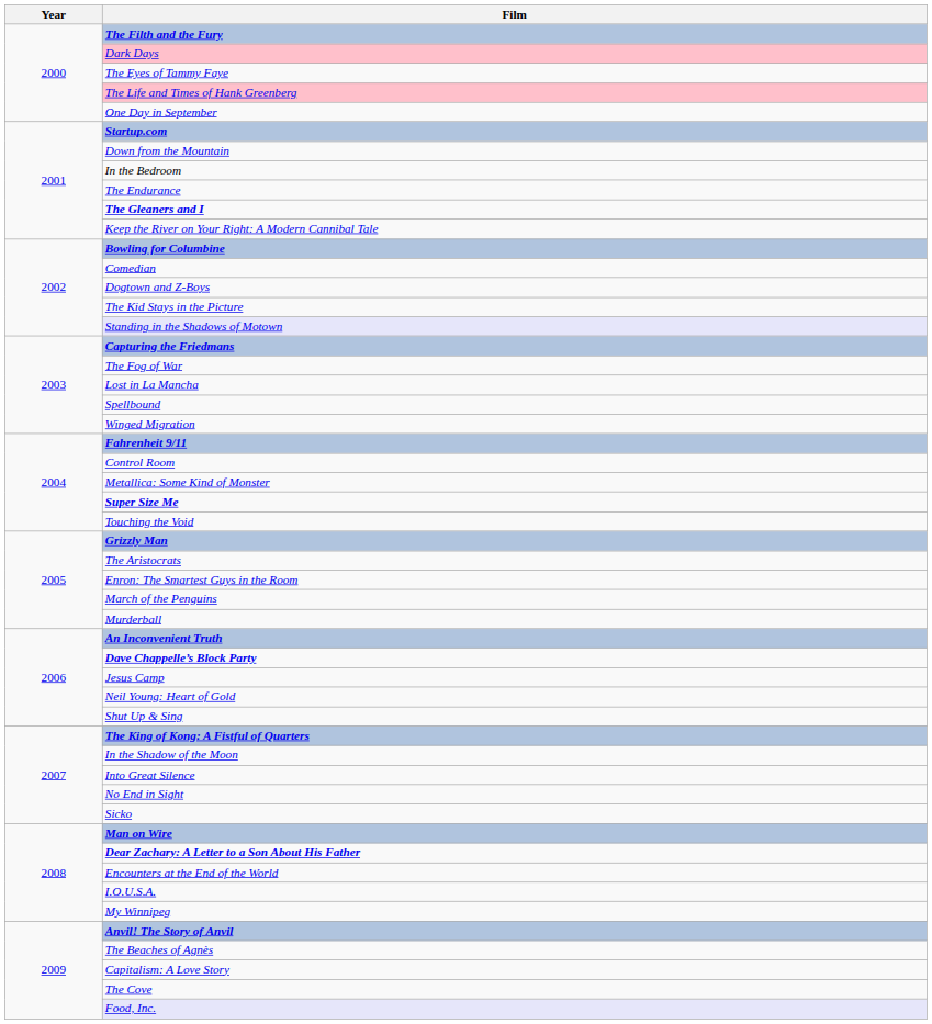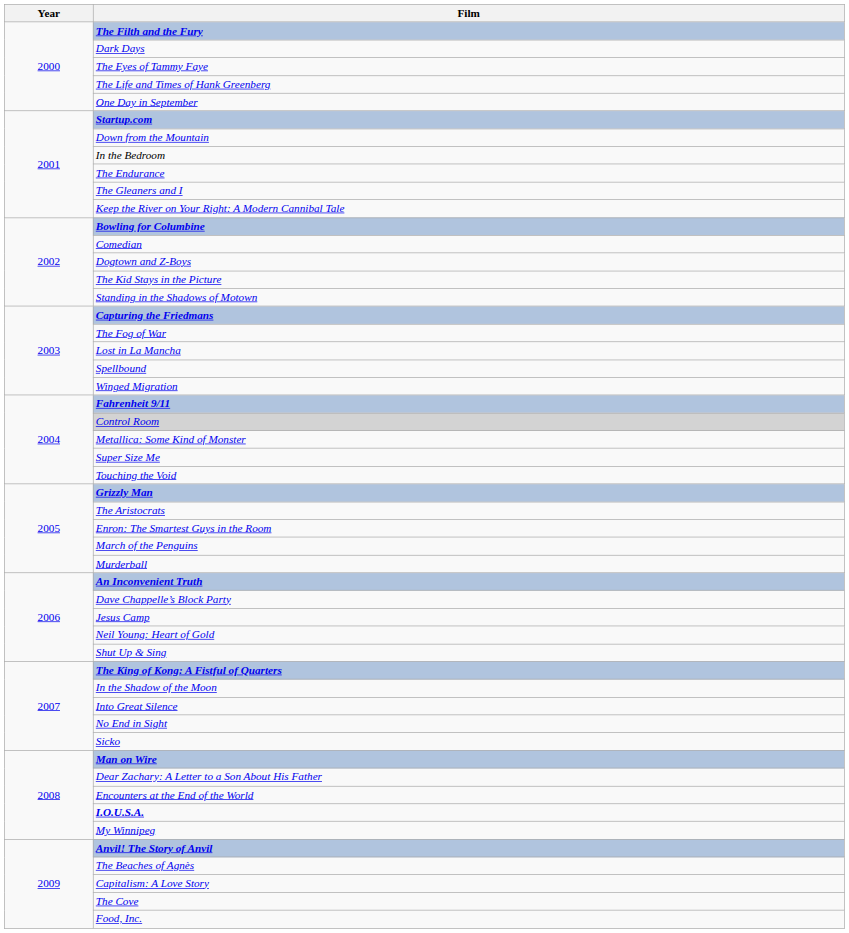 <table class="wikitable" width="95%" cellpadding="5">
 <tr>
 <th width="100"><strong>Year</strong></th>
 <th width="900"><strong>Film</strong></th>
 </tr>
 <tr>
 <td rowspan="5" style="text-align:center;"><a href='#'>2000</a></td>
 <td style="background:#B0C4DE;"><strong><em><a href='#'>The Filth and the Fury</a></em></strong></td>
 </tr>
 <tr>
-<td style="background: pink;"><em><a href='#'>Dark Days</a></em></td>
+<td><em><a href='#'>Dark Days</a></em></td>
 </tr>
 <tr>
 <td><em><a href='#'>The Eyes of Tammy Faye</a></em></td>
 </tr>
 <tr>
-<td style="background: pink;"><em><a href='#'>The Life and Times of Hank Greenberg</a></em></td>
+<td><em><a href='#'>The Life and Times of Hank Greenberg</a></em></td>
 </tr>
 <tr>
 <td><em><a href='#'>One Day in September</a></em></td>
 </tr>
 <tr>
 <td rowspan="6" style="text-align:center;"><a href='#'>2001</a></td>
 <td style="background:#B0C4DE;"><strong><em><a href='#'>Startup.com</a></em></strong></td>
 </tr>
 <tr>
 <td><em><a href='#'>Down from the Mountain</a></em></td>
 </tr>
 <tr>
 <td><em>In the Bedroom</em></td>
 </tr>
 <tr>
 <td><em><a href='#'>The Endurance</a></em></td>
 </tr>
 <tr>
-<td><strong><em><a href='#'>The Gleaners and I</a></em></strong></td>
+<td><em><a href='#'>The Gleaners and I</a></em></td>
 </tr>
 <tr>
 <td><em><a href='#'>Keep the River on Your Right: A Modern Cannibal Tale</a></em></td>
 </tr>
 <tr>
 <td rowspan="5" style="text-align:center;"><a href='#'>2002</a></td>
 <td style="background:#B0C4DE;"><strong><em><a href='#'>Bowling for Columbine</a></em></strong></td>
 </tr>
 <tr>
 <td><em><a href='#'>Comedian</a></em></td>
 </tr>
 <tr>
 <td><em><a href='#'>Dogtown and Z-Boys</a></em></td>
 </tr>
 <tr>
 <td><em><a href='#'>The Kid Stays in the Picture</a></em></td>
 </tr>
 <tr>
-<td style="background: lavender;"><em><a href='#'>Standing in the Shadows of Motown</a></em></td>
+<td><em><a href='#'>Standing in the Shadows of Motown</a></em></td>
 </tr>
 <tr>
 <td rowspan="5" style="text-align:center;"><a href='#'>2003</a></td>
 <td style="background:#B0C4DE;"><strong><em><a href='#'>Capturing the Friedmans</a></em></strong></td>
 </tr>
 <tr>
 <td><em><a href='#'>The Fog of War</a></em></td>
 </tr>
 <tr>
 <td><em><a href='#'>Lost in La Mancha</a></em></td>
 </tr>
 <tr>
 <td><em><a href='#'>Spellbound</a></em></td>
 </tr>
 <tr>
 <td><em><a href='#'>Winged Migration</a></em></td>
 </tr>
 <tr>
 <td rowspan="5" style="text-align:center;"><a href='#'>2004</a></td>
 <td style="background:#B0C4DE;"><strong><em><a href='#'>Fahrenheit 9/11</a></em></strong></td>
 </tr>
 <tr>
-<td><em><a href='#'>Control Room</a></em></td>
+<td style="background: lightgrey;"><em><a href='#'>Control Room</a></em></td>
 </tr>
 <tr>
 <td><em><a href='#'>Metallica: Some Kind of Monster</a></em></td>
 </tr>
 <tr>
-<td><strong><em><a href='#'>Super Size Me</a></em></strong></td>
+<td><em><a href='#'>Super Size Me</a></em></td>
 </tr>
 <tr>
 <td><em><a href='#'>Touching the Void</a></em></td>
 </tr>
 <tr>
 <td rowspan="5" style="text-align:center;"><a href='#'>2005</a></td>
 <td style="background:#B0C4DE;"><strong><em><a href='#'>Grizzly Man</a></em></strong></td>
 </tr>
 <tr>
 <td><em><a href='#'>The Aristocrats</a></em></td>
 </tr>
 <tr>
 <td><em><a href='#'>Enron: The Smartest Guys in the Room</a></em></td>
 </tr>
 <tr>
 <td><em><a href='#'>March of the Penguins</a></em></td>
 </tr>
 <tr>
 <td><em><a href='#'>Murderball</a></em></td>
 </tr>
 <tr>
 <td rowspan="5" style="text-align:center;"><a href='#'>2006</a></td>
 <td style="background:#B0C4DE;"><strong><em><a href='#'>An Inconvenient Truth</a></em></strong></td>
 </tr>
 <tr>
-<td><strong><em><a href='#'>Dave Chappelle’s Block Party</a></em></strong></td>
+<td><em><a href='#'>Dave Chappelle’s Block Party</a></em></td>
 </tr>
 <tr>
 <td><em><a href='#'>Jesus Camp</a></em></td>
 </tr>
 <tr>
 <td><em><a href='#'>Neil Young: Heart of Gold</a></em></td>
 </tr>
 <tr>
 <td><em><a href='#'>Shut Up & Sing</a></em></td>
 </tr>
 <tr>
 <td rowspan="5" style="text-align:center;"><a href='#'>2007</a></td>
 <td style="background:#B0C4DE;"><strong><em><a href='#'>The King of Kong: A Fistful of Quarters</a></em></strong></td>
 </tr>
 <tr>
 <td><em><a href='#'>In the Shadow of the Moon</a></em></td>
 </tr>
 <tr>
 <td><em><a href='#'>Into Great Silence</a></em></td>
 </tr>
 <tr>
 <td><em><a href='#'>No End in Sight</a></em></td>
 </tr>
 <tr>
 <td><em><a href='#'>Sicko</a></em></td>
 </tr>
 <tr>
 <td rowspan="5" style="text-align:center;"><a href='#'>2008</a></td>
 <td style="background:#B0C4DE;"><strong><em><a href='#'>Man on Wire</a></em></strong></td>
 </tr>
 <tr>
-<td><strong><em><a href='#'>Dear Zachary: A Letter to a Son About His Father</a></em></strong></td>
+<td><em><a href='#'>Dear Zachary: A Letter to a Son About His Father</a></em></td>
 </tr>
 <tr>
 <td><em><a href='#'>Encounters at the End of the World</a></em></td>
 </tr>
 <tr>
-<td><em><a href='#'>I.O.U.S.A.</a></em></td>
+<td><strong><em><a href='#'>I.O.U.S.A.</a></em></strong></td>
 </tr>
 <tr>
 <td><em><a href='#'>My Winnipeg</a></em></td>
 </tr>
 <tr>
 <td rowspan="5" style="text-align:center;"><a href='#'>2009</a></td>
 <td style="background:#B0C4DE;"><strong><em><a href='#'>Anvil! The Story of Anvil</a></em></strong></td>
 </tr>
 <tr>
 <td><em><a href='#'>The Beaches of Agnès</a></em></td>
 </tr>
 <tr>
 <td><em><a href='#'>Capitalism: A Love Story</a></em></td>
 </tr>
 <tr>
 <td><em><a href='#'>The Cove</a></em></td>
 </tr>
 <tr>
-<td style="background: lavender;"><em><a href='#'>Food, Inc.</a></em></td>
+<td><em><a href='#'>Food, Inc.</a></em></td>
 </tr>
 </table>
